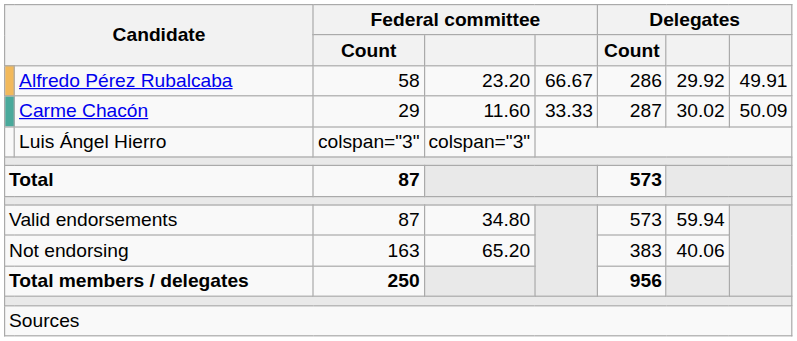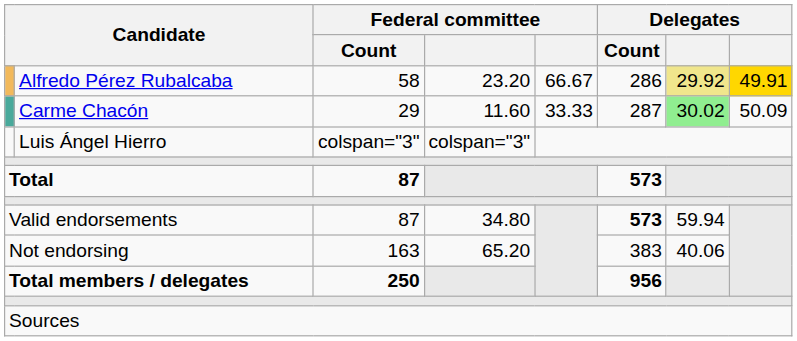 <table class="wikitable" style="text-align:right;">
 <tr>
 <th rowspan="2" colspan="2" width="250">Candidate</th>
 <th colspan="3">Federal committee</th>
 <th colspan="3">Delegates</th>
 </tr>
 <tr>
 <th width="50">Count</th>
 <th width="45"></th>
 <th width="45"></th>
 <th width="50">Count</th>
 <th width="45"></th>
 <th width="45"></th>
 </tr>
 <tr>
 <td width="1" style="color:inherit;background:#F2B95B"></td>
 <td align="left"><a href='#'>Alfredo Pérez Rubalcaba</a></td>
 <td>58</td>
 <td>23.20</td>
 <td>66.67</td>
 <td>286</td>
-<td>29.92</td>
-<td>49.91</td>
+<td style="background: khaki;">29.92</td>
+<td style="background: gold;">49.91</td>
 </tr>
 <tr>
 <td style="color:inherit;background:#49A99B"></td>
 <td align="left"><a href='#'>Carme Chacón</a></td>
 <td>29</td>
 <td>11.60</td>
 <td>33.33</td>
 <td>287</td>
-<td>30.02</td>
+<td style="background: lightgreen;">30.02</td>
 <td>50.09</td>
 </tr>
 <tr>
 <td style="color:inherit;background:"></td>
 <td align="left">Luis Ángel Hierro</td>
 <td>colspan="3" </td>
 <td>colspan="3" </td>
 </tr>
 <tr>
 <td colspan="8" bgcolor="#E9E9E9"></td>
 </tr>
 <tr style="font-weight:bold;">
 <td align="left" colspan="2">Total</td>
 <td>87</td>
 <td bgcolor="#E9E9E9" colspan="2"></td>
 <td>573</td>
 <td bgcolor="#E9E9E9" colspan="2"></td>
 </tr>
 <tr>
 <td colspan="8" bgcolor="#E9E9E9"></td>
 </tr>
 <tr>
 <td align="left" colspan="2">Valid endorsements</td>
 <td>87</td>
 <td>34.80</td>
 <td rowspan="3" bgcolor="#E9E9E9"></td>
-<td>573</td>
+<td><strong>573</strong></td>
 <td>59.94</td>
 <td rowspan="3" bgcolor="#E9E9E9"></td>
 </tr>
 <tr>
 <td align="left" colspan="2">Not endorsing</td>
 <td>163</td>
 <td>65.20</td>
 <td>383</td>
 <td>40.06</td>
 </tr>
 <tr style="font-weight:bold;">
 <td align="left" colspan="2">Total members / delegates</td>
 <td>250</td>
 <td bgcolor="#E9E9E9"></td>
 <td>956</td>
 <td bgcolor="#E9E9E9"></td>
 </tr>
 <tr>
 <td colspan="8" bgcolor="#E9E9E9"></td>
 </tr>
 <tr>
 <td align="left" colspan="8">Sources</td>
 </tr>
 </table>
